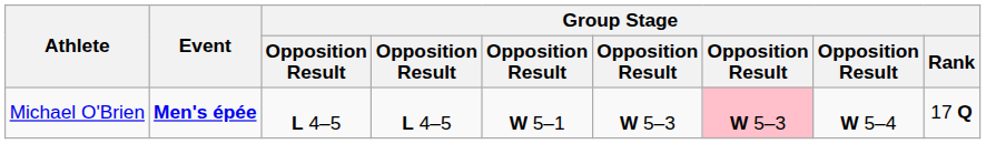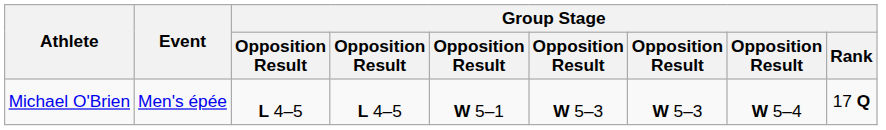 <table class=wikitable style="font-size:90%">
 <tr>
 <th rowspan="2">Athlete</th>
 <th rowspan="2">Event</th>
 <th colspan="7">Group Stage</th>
 </tr>
 <tr>
 <th>Opposition<br>Result</th>
 <th>Opposition<br>Result</th>
 <th>Opposition<br>Result</th>
 <th>Opposition<br>Result</th>
 <th>Opposition<br>Result</th>
 <th>Opposition<br>Result</th>
 <th>Rank</th>
 </tr>
 <tr align=center>
 <td align=left><a href='#'>Michael O'Brien</a></td>
-<td align=left><strong><a href='#'>Men's épée</a></strong></td>
+<td align=left><a href='#'>Men's épée</a></td>
 <td><br><strong>L</strong> 4–5</td>
 <td><br><strong>L</strong> 4–5</td>
 <td><br><strong>W</strong> 5–1</td>
 <td><br><strong>W</strong> 5–3</td>
-<td style="background: pink;"><br><strong>W</strong> 5–3</td>
+<td><br><strong>W</strong> 5–3</td>
 <td><br><strong>W</strong> 5–4</td>
 <td>17 <strong>Q</strong></td>
 </tr>
 </table>
